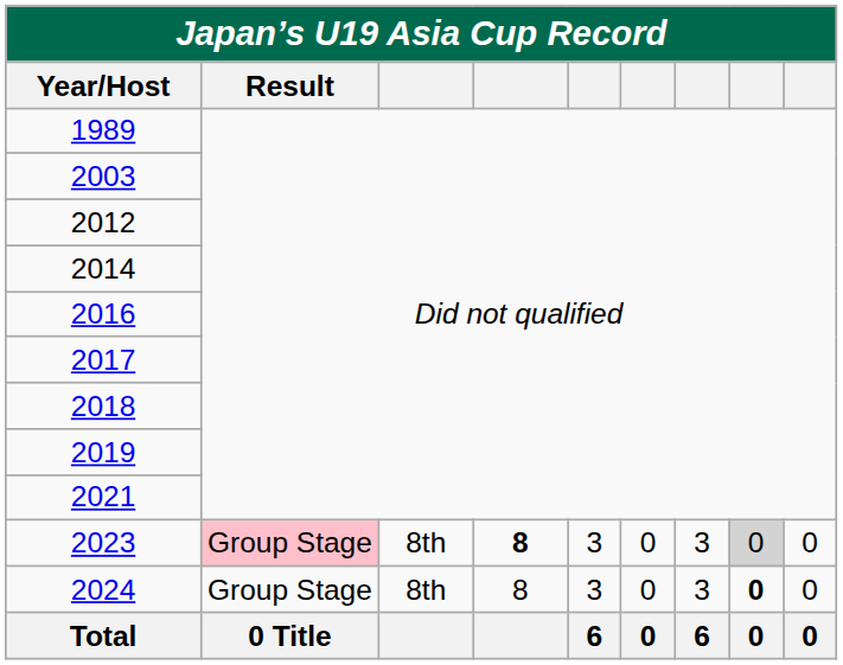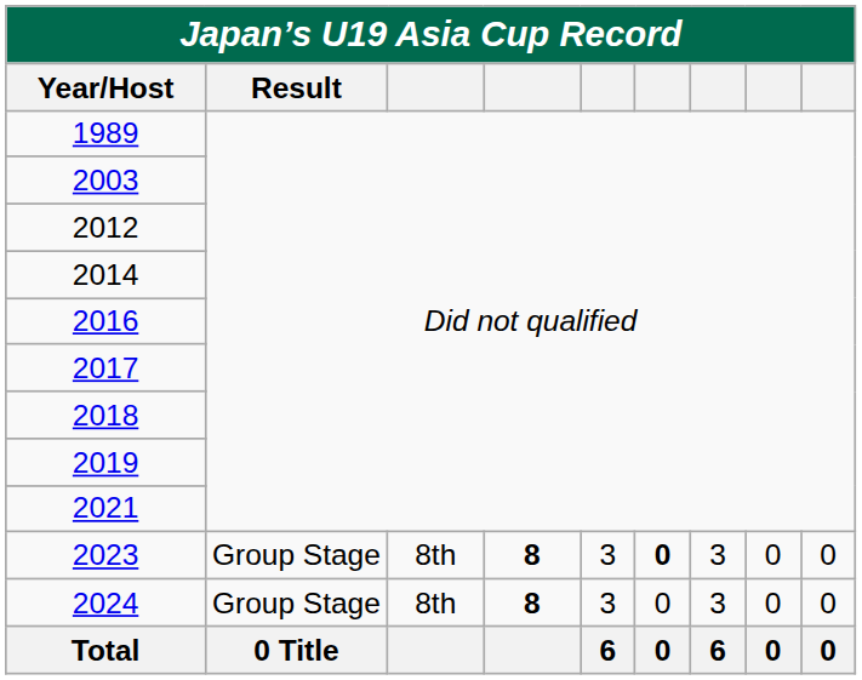 <table class="wikitable" style="font-size:90%; text-align:center">
 <tr>
 <th style="color:white; background:#006A4E;" colspan=9><strong><em><big>Japan’s U19 Asia Cup Record</big></em></strong></th>
 </tr>
 <tr>
 <th width="90">Year/Host</th>
 <th>Result</th>
 <th width="40"></th>
 <th width="40"></th>
 <th width="20"></th>
 <th width="20"></th>
 <th width="20"></th>
 <th width="20"></th>
 <th width="20"></th>
 </tr>
 <tr>
 <td> <a href='#'>1989</a></td>
 <td rowspan=9 colspan=8><em>Did not qualified</em></td>
 </tr>
 <tr>
 <td> <a href='#'>2003</a></td>
 </tr>
 <tr>
 <td> 2012</td>
 </tr>
 <tr>
 <td> 2014</td>
 </tr>
 <tr>
 <td> <a href='#'>2016</a></td>
 </tr>
 <tr>
 <td> <a href='#'>2017</a></td>
 </tr>
 <tr>
 <td> <a href='#'>2018</a></td>
 </tr>
 <tr>
 <td> <a href='#'>2019</a></td>
 </tr>
 <tr>
 <td> <a href='#'>2021</a></td>
 </tr>
 <tr>
 <td><a href='#'>2023</a></td>
-<td style="background: pink;">Group Stage</td>
+<td>Group Stage</td>
 <td>8th</td>
 <td><strong>8</strong></td>
 <td>3</td>
+<td><strong>0</strong></td>
+<td>3</td>
 <td>0</td>
-<td>3</td>
-<td style="background: lightgrey;">0</td>
 <td>0</td>
 </tr>
 <tr>
 <td> <a href='#'>2024</a></td>
 <td>Group Stage</td>
 <td>8th</td>
-<td>8</td>
+<td><strong>8</strong></td>
 <td>3</td>
 <td>0</td>
 <td>3</td>
-<td><strong>0</strong></td>
+<td>0</td>
 <td>0</td>
 </tr>
 <tr>
 <th>Total</th>
 <th>0 Title</th>
 <th></th>
 <th></th>
 <th>6</th>
 <th>0</th>
 <th>6</th>
 <th>0</th>
 <th>0</th>
 </tr>
 </table>
